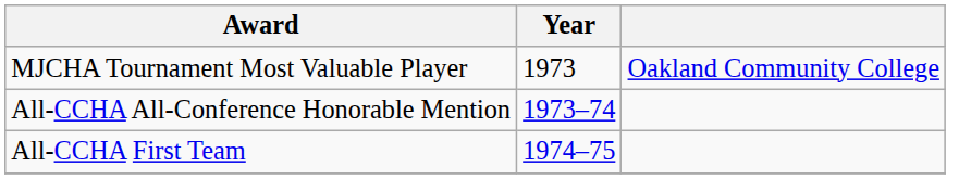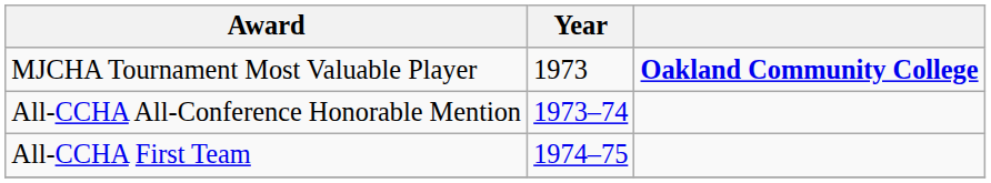 <table class="wikitable">
 <tr>
 <th>Award</th>
 <th>Year</th>
 <th></th>
 </tr>
 <tr>
 <td>MJCHA Tournament Most Valuable Player</td>
 <td>1973</td>
-<td><a href='#'>Oakland Community College</a></td>
+<td><strong><a href='#'>Oakland Community College</a></strong></td>
 </tr>
 <tr>
 <td>All-<a href='#'>CCHA</a> All-Conference Honorable Mention</td>
 <td><a href='#'>1973–74</a></td>
 <td></td>
 </tr>
 <tr>
 <td>All-<a href='#'>CCHA</a> <a href='#'>First Team</a></td>
 <td><a href='#'>1974–75</a></td>
 <td></td>
 </tr>
 <tr>
 </tr>
 </table>
